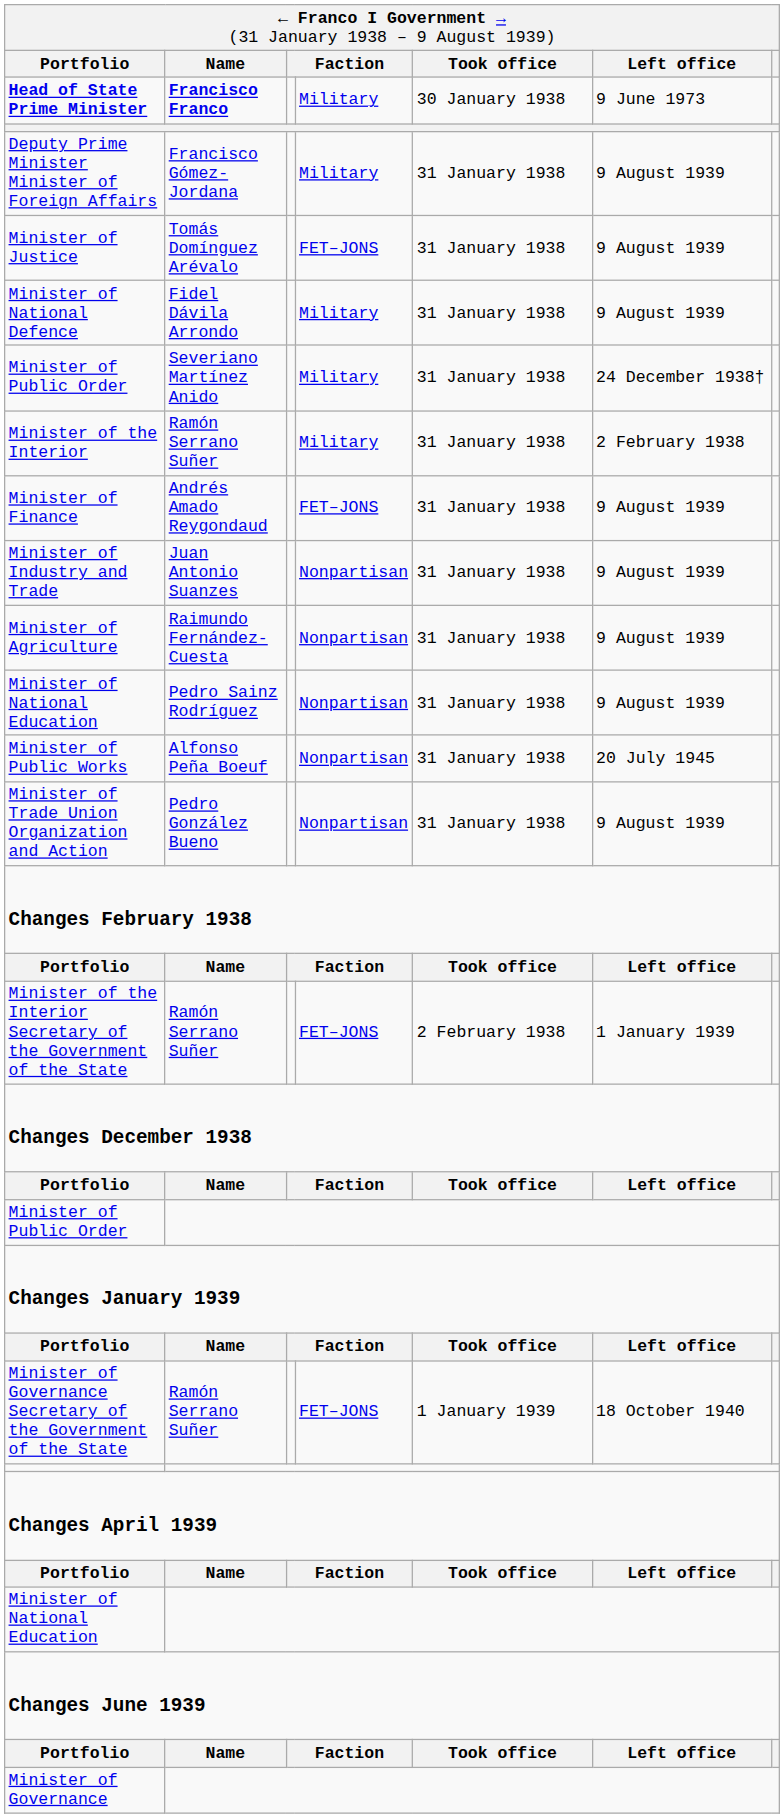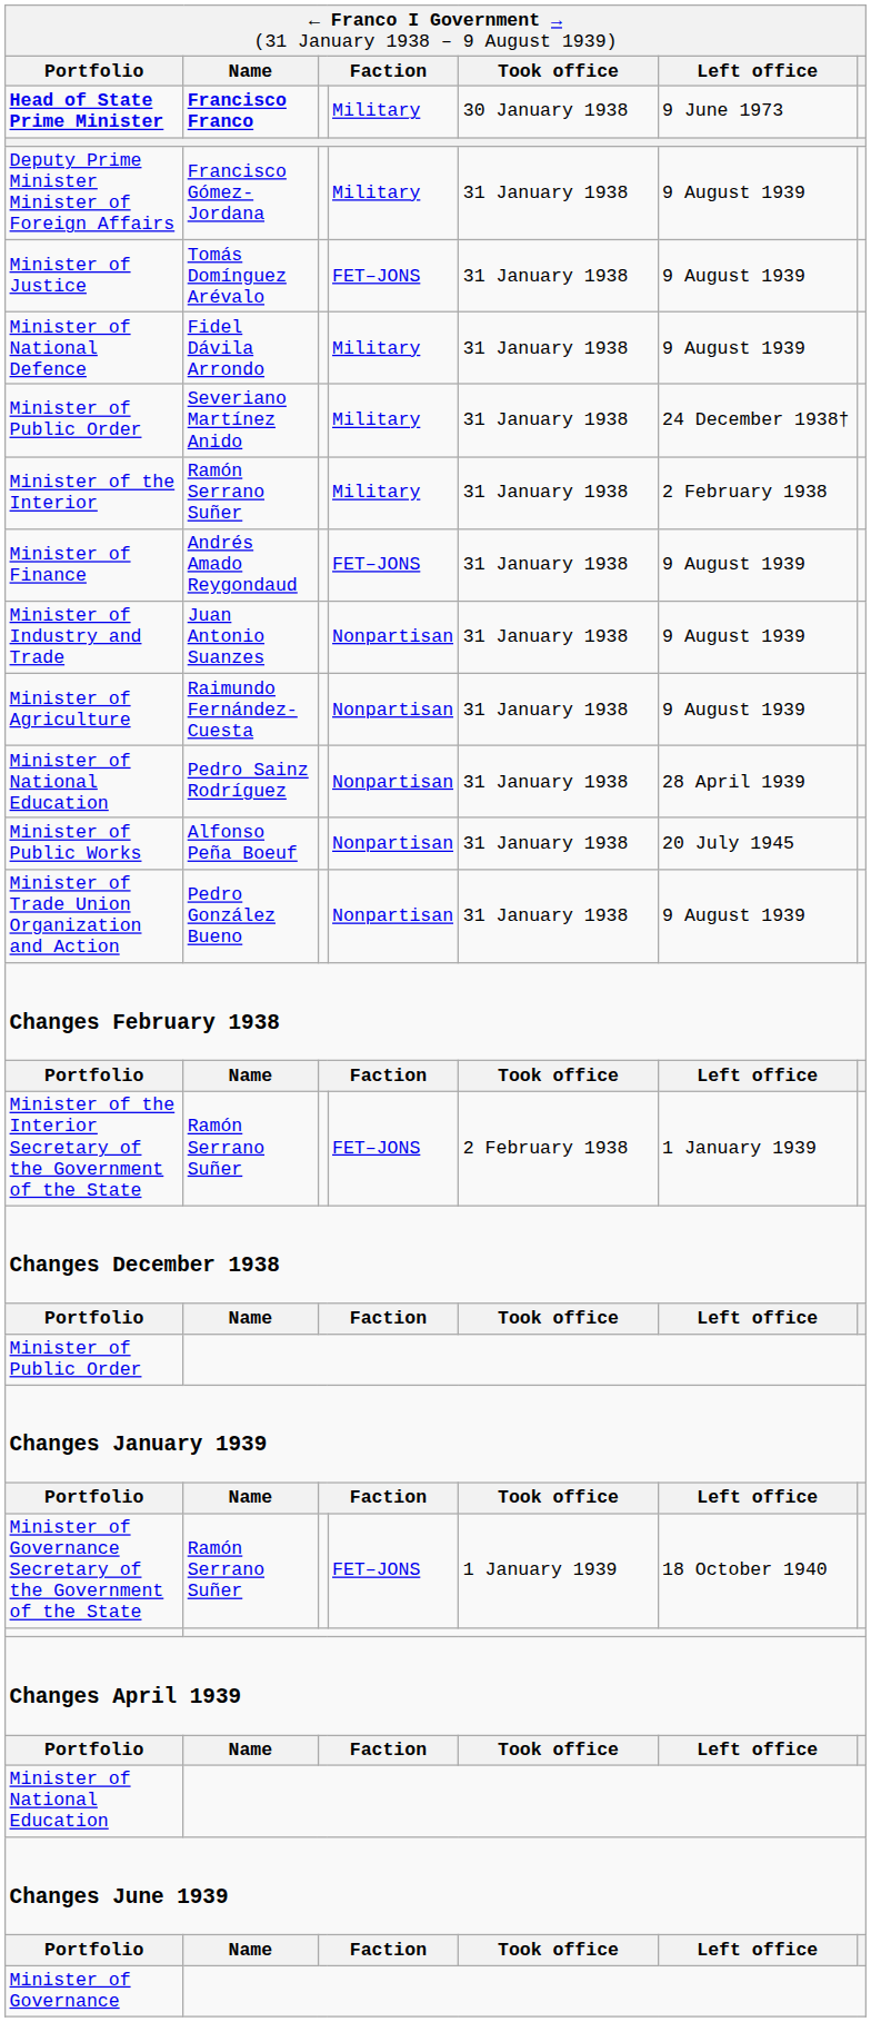 <table class="wikitable">
 <tr>
 <td colspan="7" bgcolor="#F2F2F2" align="center">← <strong>Franco I Government</strong> <a href='#'>→</a><br>(31 January 1938 – 9 August 1939)</td>
 </tr>
 <tr>
 <th>Portfolio</th>
 <th>Name</th>
 <th width="100px" colspan="2">Faction</th>
 <th width="135px">Took office</th>
 <th width="135px">Left office</th>
 <th></th>
 </tr>
 <tr>
 <td><strong><a href='#'>Head of State</a><br><a href='#'>Prime Minister</a></strong></td>
 <td><strong><a href='#'>Francisco Franco</a></strong></td>
 <td width="1" style="background-color:"></td>
 <td><a href='#'>Military</a></td>
 <td>30 January 1938</td>
 <td>9 June 1973</td>
 <td align="center"><br></td>
 </tr>
 <tr>
 <th colspan="7"></th>
 </tr>
 <tr>
 <td><a href='#'>Deputy Prime Minister</a><br><a href='#'>Minister of Foreign Affairs</a></td>
 <td><a href='#'>Francisco Gómez-Jordana</a></td>
 <td style="background-color:"></td>
 <td><a href='#'>Military</a></td>
 <td>31 January 1938</td>
 <td>9 August 1939</td>
 <td align="center"><br></td>
 </tr>
 <tr>
 <td><a href='#'>Minister of Justice</a></td>
 <td><a href='#'>Tomás Domínguez Arévalo</a></td>
 <td style="background-color:"></td>
 <td><a href='#'>FET–JONS</a></td>
 <td>31 January 1938</td>
 <td>9 August 1939</td>
 <td align="center"></td>
 </tr>
 <tr>
 <td><a href='#'>Minister of National Defence</a></td>
 <td><a href='#'>Fidel Dávila Arrondo</a></td>
 <td style="background-color:"></td>
 <td><a href='#'>Military</a></td>
 <td>31 January 1938</td>
 <td>9 August 1939</td>
 <td align="center"></td>
 </tr>
 <tr>
 <td><a href='#'>Minister of Public Order</a></td>
 <td><a href='#'>Severiano Martínez Anido</a></td>
 <td style="background-color:"></td>
 <td><a href='#'>Military</a></td>
 <td>31 January 1938</td>
 <td>24 December 1938†</td>
 <td align="center"></td>
 </tr>
 <tr>
 <td><a href='#'>Minister of the Interior</a></td>
 <td><a href='#'>Ramón Serrano Suñer</a></td>
 <td style="background-color:"></td>
 <td><a href='#'>Military</a></td>
 <td>31 January 1938</td>
 <td>2 February 1938</td>
 <td align="center"></td>
 </tr>
 <tr>
 <td><a href='#'>Minister of Finance</a></td>
 <td><a href='#'>Andrés Amado Reygondaud</a></td>
 <td style="background-color:"></td>
 <td><a href='#'>FET–JONS</a></td>
 <td>31 January 1938</td>
 <td>9 August 1939</td>
 <td align="center"></td>
 </tr>
 <tr>
 <td><a href='#'>Minister of Industry and Trade</a></td>
 <td><a href='#'>Juan Antonio Suanzes</a></td>
 <td style="background-color:"></td>
 <td><a href='#'>Nonpartisan</a></td>
 <td>31 January 1938</td>
 <td>9 August 1939</td>
 <td align="center"></td>
 </tr>
 <tr>
 <td><a href='#'>Minister of Agriculture</a></td>
 <td><a href='#'>Raimundo Fernández-Cuesta</a></td>
 <td style="background-color:"></td>
 <td><a href='#'>Nonpartisan</a></td>
 <td>31 January 1938</td>
 <td>9 August 1939</td>
 <td align="center"></td>
 </tr>
 <tr>
 <td><a href='#'>Minister of National Education</a></td>
 <td><a href='#'>Pedro Sainz Rodríguez</a></td>
 <td style="background-color:"></td>
 <td><a href='#'>Nonpartisan</a></td>
 <td>31 January 1938</td>
-<td>9 August 1939</td>
+<td>28 April 1939</td>
 <td align="center"></td>
 </tr>
 <tr>
 <td><a href='#'>Minister of Public Works</a></td>
 <td><a href='#'>Alfonso Peña Boeuf</a></td>
 <td style="background-color:"></td>
 <td><a href='#'>Nonpartisan</a></td>
 <td>31 January 1938</td>
 <td>20 July 1945</td>
 <td align="center"></td>
 </tr>
 <tr>
 <td><a href='#'>Minister of Trade Union Organization and Action</a></td>
 <td><a href='#'>Pedro González Bueno</a></td>
 <td style="background-color:"></td>
 <td><a href='#'>Nonpartisan</a></td>
 <td>31 January 1938</td>
 <td>9 August 1939</td>
 <td align="center"></td>
 </tr>
 <tr>
 <td colspan="7"><br><h3>Changes February 1938</h3></td>
 </tr>
 <tr>
 <th>Portfolio</th>
 <th>Name</th>
 <th colspan="2">Faction</th>
 <th>Took office</th>
 <th>Left office</th>
 <th></th>
 </tr>
 <tr>
 <td><a href='#'>Minister of the Interior</a><br><a href='#'>Secretary of the Government of the State</a></td>
 <td><a href='#'>Ramón Serrano Suñer</a></td>
 <td style="background-color:"></td>
 <td><a href='#'>FET–JONS</a></td>
 <td>2 February 1938</td>
 <td>1 January 1939</td>
 <td align="center"></td>
 </tr>
 <tr>
 <td colspan="7"><br><h3>Changes December 1938</h3></td>
 </tr>
 <tr>
 <th>Portfolio</th>
 <th>Name</th>
 <th colspan="2">Faction</th>
 <th>Took office</th>
 <th>Left office</th>
 <th></th>
 </tr>
 <tr>
 <td><a href='#'>Minister of Public Order</a></td>
 <td colspan="6"></td>
 </tr>
 <tr>
 <td colspan="7"><br><h3>Changes January 1939</h3></td>
 </tr>
 <tr>
 <th>Portfolio</th>
 <th>Name</th>
 <th colspan="2">Faction</th>
 <th>Took office</th>
 <th>Left office</th>
 <th></th>
 </tr>
 <tr>
 <td><a href='#'>Minister of Governance</a><br><a href='#'>Secretary of the Government of the State</a></td>
 <td><a href='#'>Ramón Serrano Suñer</a></td>
 <td style="background-color:"></td>
 <td><a href='#'>FET–JONS</a></td>
 <td>1 January 1939</td>
 <td>18 October 1940</td>
 <td align="center"></td>
 </tr>
 <tr>
 <td></td>
 <td colspan="6"></td>
 </tr>
 <tr>
 <td colspan="7"><br><h3>Changes April 1939</h3></td>
 </tr>
 <tr>
 <th>Portfolio</th>
 <th>Name</th>
 <th colspan="2">Faction</th>
 <th>Took office</th>
 <th>Left office</th>
 <th></th>
 </tr>
 <tr>
 <td><a href='#'>Minister of National Education</a></td>
 <td colspan="6"></td>
 </tr>
 <tr>
 <td colspan="7"><br><h3>Changes June 1939</h3></td>
 </tr>
 <tr>
 <th>Portfolio</th>
 <th>Name</th>
 <th colspan="2">Faction</th>
 <th>Took office</th>
 <th>Left office</th>
 <th></th>
 </tr>
 <tr>
 <td><a href='#'>Minister of Governance</a></td>
 <td colspan="6"></td>
 </tr>
 </table>
